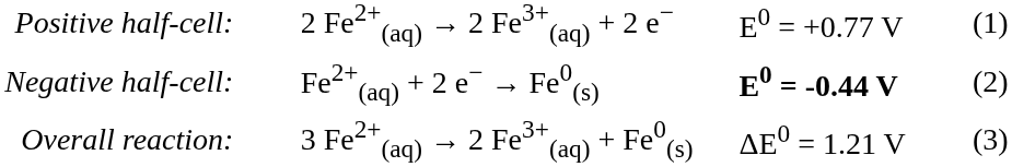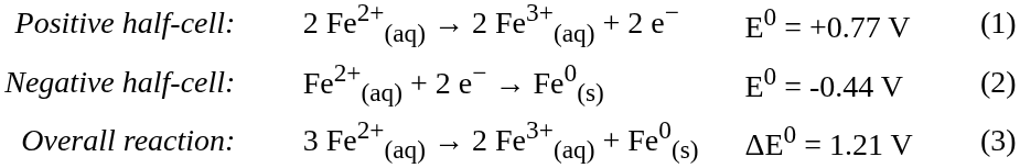 <table>
 <tr>
 <td style="text-align:right;"><em>Positive half-cell:</em></td>
 <td style="width: 225px; padding-left: 2em;">2 Fe<sup>2+</sup><sub>(aq)</sub> → 2 Fe<sup>3+</sup><sub>(aq)</sub> + 2 e<sup>−</sup></td>
 <td>E<sup>0</sup> = +0.77 V</td>
 <td style="padding-left: 2em;">(1)</td>
 </tr>
 <tr>
 <td style="text-align:right;"><em>Negative half-cell:</em></td>
 <td style="width: 225px; padding-left: 2em;">Fe<sup>2+</sup><sub>(aq)</sub> + 2 e<sup>−</sup> → Fe<sup>0</sup><sub>(s)</sub></td>
-<td><strong>E<sup>0</sup> = -0.44 V</strong></td>
+<td>E<sup>0</sup> = -0.44 V</td>
 <td style="padding-left: 2em;">(2)</td>
 </tr>
 <tr>
 <td style="text-align:right;"><em>Overall reaction:</em></td>
 <td style="width: 225px; padding-left: 2em;">3 Fe<sup>2+</sup><sub>(aq)</sub> → 2 Fe<sup>3+</sup><sub>(aq)</sub> + Fe<sup>0</sup><sub>(s)</sub></td>
 <td>ΔE<sup>0</sup> = 1.21 V</td>
 <td style="padding-left: 2em;">(3)</td>
 </tr>
 </table>
